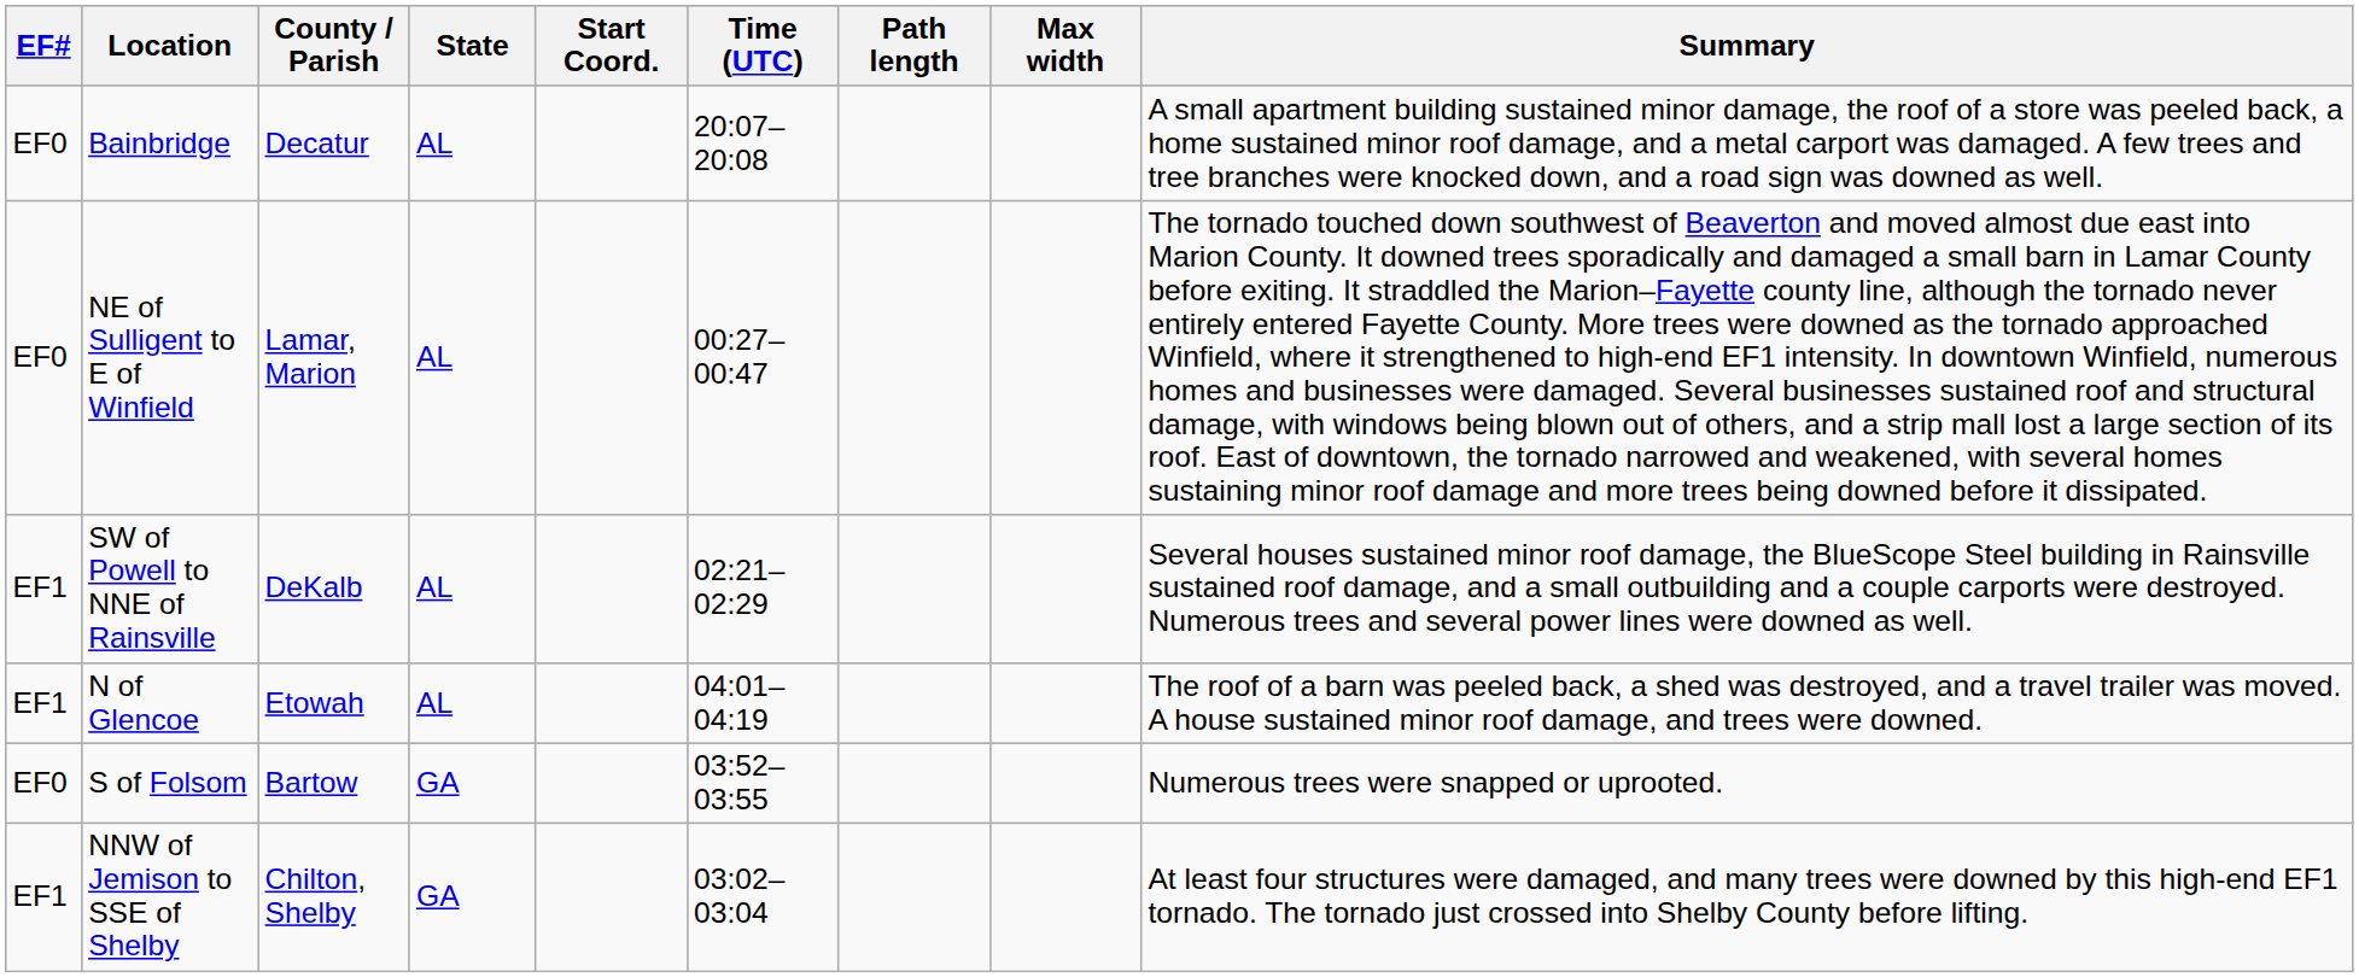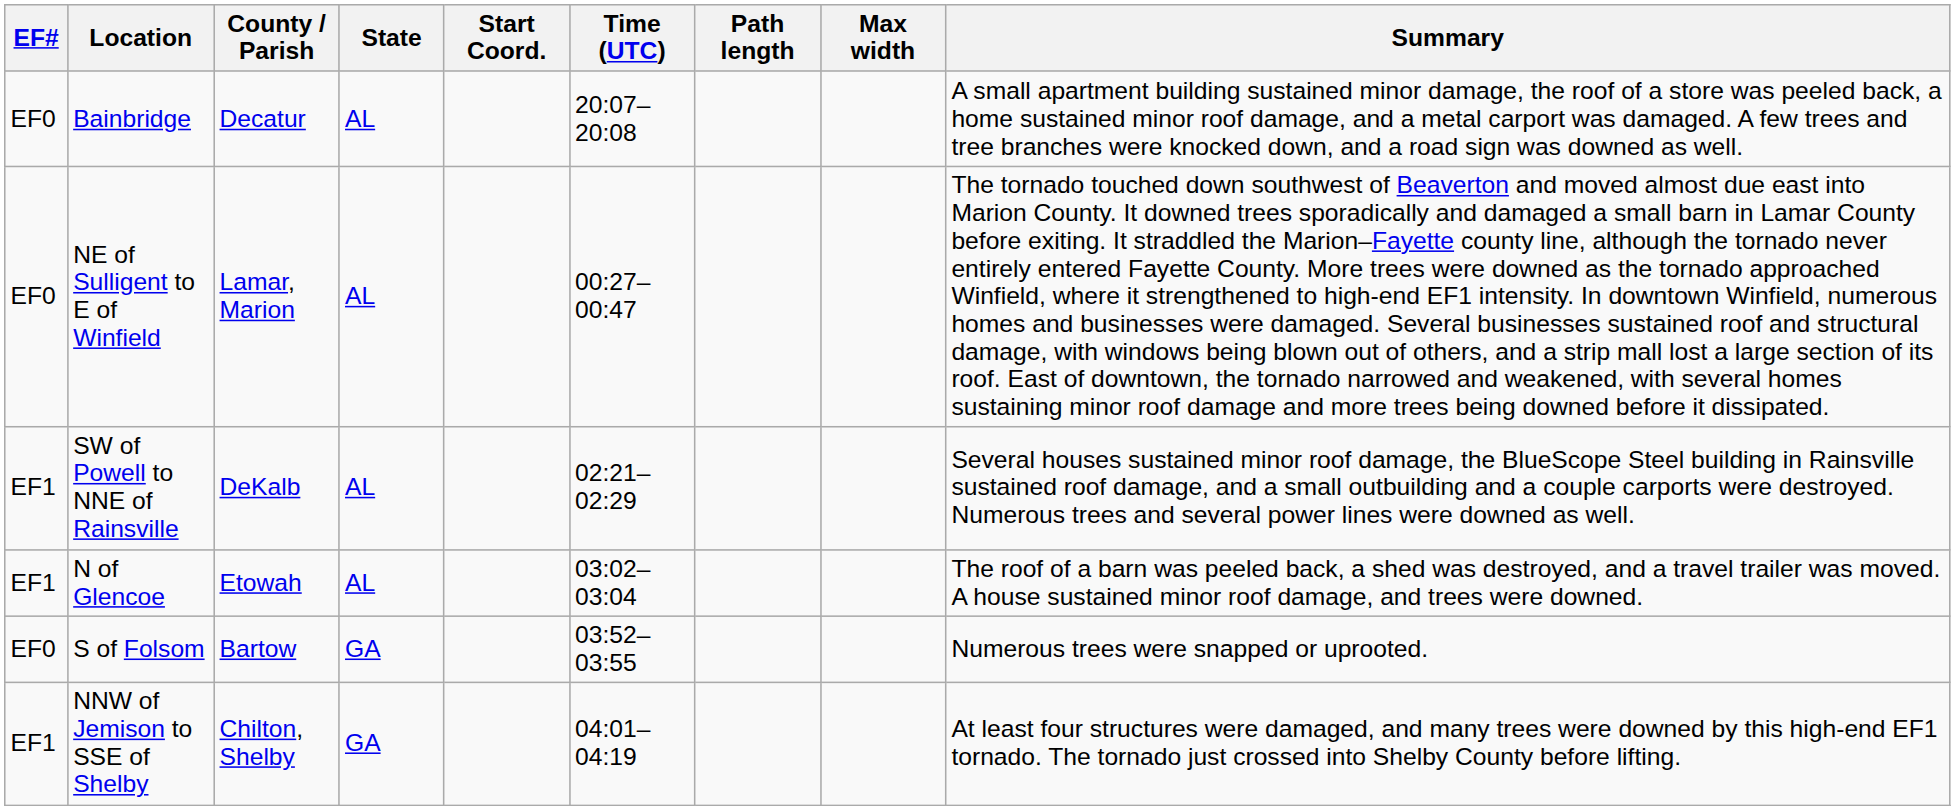 <table class="wikitable sortable" style="width:100%;">
 <tr>
 <th scope="col"  style="width:3%; text-align:center;"><a href='#'>EF#</a></th>
 <th scope="col"  style="width:7%; text-align:center;" class="unsortable">Location</th>
 <th scope="col"  style="width:6%; text-align:center;" class="unsortable">County / Parish</th>
 <th scope="col"  style="width:5%; text-align:center;">State</th>
 <th scope="col"  style="width:6%; text-align:center;">Start Coord.</th>
 <th scope="col"  style="width:6%; text-align:center;">Time (<a href='#'>UTC</a>)</th>
 <th scope="col"  style="width:6%; text-align:center;">Path length</th>
 <th scope="col"  style="width:6%; text-align:center;">Max width</th>
 <th scope="col" class="unsortable" style="width:48%; text-align:center;">Summary</th>
 </tr>
 <tr>
 <td>EF0</td>
 <td><a href='#'>Bainbridge</a></td>
 <td><a href='#'>Decatur</a></td>
 <td><a href='#'>AL</a></td>
 <td></td>
 <td>20:07–20:08</td>
 <td></td>
 <td></td>
 <td>A small apartment building sustained minor damage, the roof of a store was peeled back, a home sustained minor roof damage, and a metal carport was damaged. A few trees and tree branches were knocked down, and a road sign was downed as well.</td>
 </tr>
 <tr>
 <td>EF0</td>
 <td>NE of <a href='#'>Sulligent</a> to E of <a href='#'>Winfield</a></td>
 <td><a href='#'>Lamar</a>, <a href='#'>Marion</a></td>
 <td><a href='#'>AL</a></td>
 <td></td>
 <td>00:27–00:47</td>
 <td></td>
 <td></td>
 <td>The tornado touched down southwest of <a href='#'>Beaverton</a> and moved almost due east into Marion County. It downed trees sporadically and damaged a small barn in Lamar County before exiting. It straddled the Marion–<a href='#'>Fayette</a> county line, although the tornado never entirely entered Fayette County. More trees were downed as the tornado approached Winfield, where it strengthened to high-end EF1 intensity. In downtown Winfield, numerous homes and businesses were damaged. Several businesses sustained roof and structural damage, with windows being blown out of others, and a strip mall lost a large section of its roof. East of downtown, the tornado narrowed and weakened, with several homes sustaining minor roof damage and more trees being downed before it dissipated.</td>
 </tr>
 <tr>
 <td>EF1</td>
 <td>SW of <a href='#'>Powell</a> to NNE of <a href='#'>Rainsville</a></td>
 <td><a href='#'>DeKalb</a></td>
 <td><a href='#'>AL</a></td>
 <td></td>
 <td>02:21–02:29</td>
 <td></td>
 <td></td>
 <td>Several houses sustained minor roof damage, the BlueScope Steel building in Rainsville sustained roof damage, and a small outbuilding and a couple carports were destroyed. Numerous trees and several power lines were downed as well.</td>
 </tr>
 <tr>
 <td>EF1</td>
 <td>N of <a href='#'>Glencoe</a></td>
 <td><a href='#'>Etowah</a></td>
 <td><a href='#'>AL</a></td>
 <td></td>
-<td>04:01–04:19</td>
+<td>03:02–03:04</td>
 <td></td>
 <td></td>
 <td>The roof of a barn was peeled back, a shed was destroyed, and a travel trailer was moved. A house sustained minor roof damage, and trees were downed.</td>
 </tr>
 <tr>
 <td>EF0</td>
 <td>S of <a href='#'>Folsom</a></td>
 <td><a href='#'>Bartow</a></td>
 <td><a href='#'>GA</a></td>
 <td></td>
 <td>03:52–03:55</td>
 <td></td>
 <td></td>
 <td>Numerous trees were snapped or uprooted.</td>
 </tr>
 <tr>
 <td>EF1</td>
 <td>NNW of <a href='#'>Jemison</a> to SSE of <a href='#'>Shelby</a></td>
 <td><a href='#'>Chilton</a>, <a href='#'>Shelby</a></td>
 <td><a href='#'>GA</a></td>
 <td></td>
-<td>03:02–03:04</td>
+<td>04:01–04:19</td>
 <td></td>
 <td></td>
 <td>At least four structures were damaged, and many trees were downed by this high-end EF1 tornado. The tornado just crossed into Shelby County before lifting.</td>
 </tr>
 <tr>
 </tr>
 </table>
